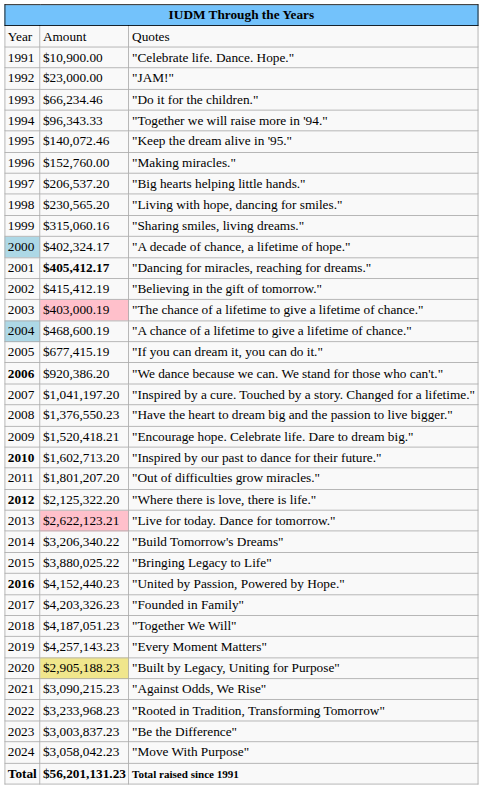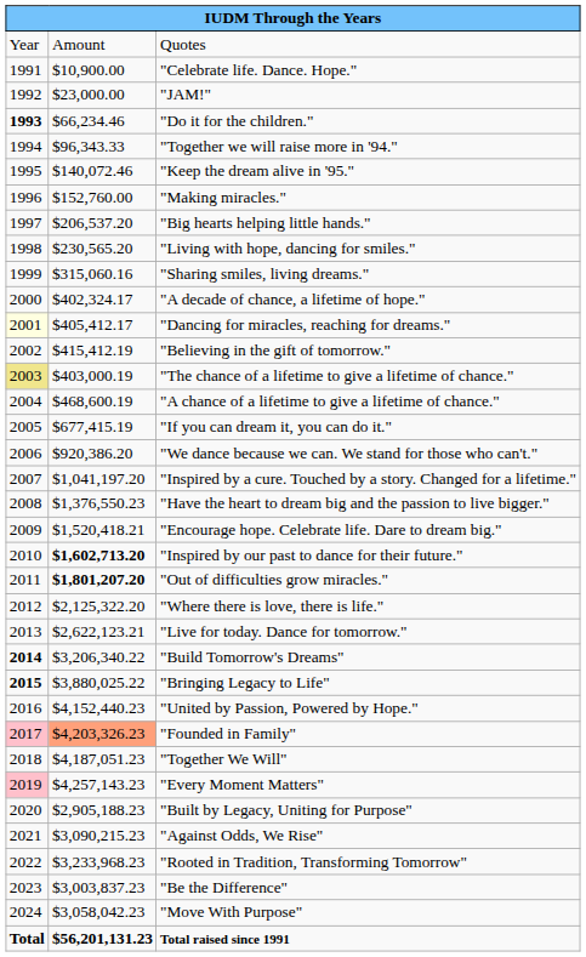 <table class="wikitable" style="clear: right; float: right; margin-left: 40px">
 <tr>
 <th style="background: #73C2FB; color: black; border: 1px solid black" colspan="3"><strong>IUDM Through the Years</strong></th>
 </tr>
 <tr>
 <td>Year</td>
 <td>Amount</td>
 <td>Quotes</td>
 </tr>
 <tr>
 <td>1991</td>
 <td>$10,900.00</td>
 <td>"Celebrate life. Dance. Hope."</td>
 </tr>
 <tr>
 <td>1992</td>
 <td>$23,000.00</td>
 <td>"JAM!"</td>
 </tr>
 <tr>
-<td>1993</td>
+<td><strong>1993</strong></td>
 <td>$66,234.46</td>
 <td>"Do it for the children."</td>
 </tr>
 <tr>
 <td>1994</td>
 <td>$96,343.33</td>
 <td>"Together we will raise more in '94."</td>
 </tr>
 <tr>
 <td>1995</td>
 <td>$140,072.46</td>
 <td>"Keep the dream alive in '95."</td>
 </tr>
 <tr>
 <td>1996</td>
 <td>$152,760.00</td>
 <td>"Making miracles."</td>
 </tr>
 <tr>
 <td>1997</td>
 <td>$206,537.20</td>
 <td>"Big hearts helping little hands."</td>
 </tr>
 <tr>
 <td>1998</td>
 <td>$230,565.20</td>
 <td>"Living with hope, dancing for smiles."</td>
 </tr>
 <tr>
 <td>1999</td>
 <td>$315,060.16</td>
 <td>"Sharing smiles, living dreams."</td>
 </tr>
 <tr>
-<td style="background: lightblue;">2000</td>
+<td>2000</td>
 <td>$402,324.17</td>
 <td>"A decade of chance, a lifetime of hope."</td>
 </tr>
 <tr>
-<td>2001</td>
-<td><strong>$405,412.17</strong></td>
+<td style="background: lightyellow;">2001</td>
+<td>$405,412.17</td>
 <td>"Dancing for miracles, reaching for dreams."</td>
 </tr>
 <tr>
 <td>2002</td>
 <td>$415,412.19</td>
 <td>"Believing in the gift of tomorrow."</td>
 </tr>
 <tr>
-<td>2003</td>
-<td style="background: pink;">$403,000.19</td>
+<td style="background: khaki;">2003</td>
+<td>$403,000.19</td>
 <td>"The chance of a lifetime to give a lifetime of chance."</td>
 </tr>
 <tr>
-<td style="background: lightblue;">2004</td>
+<td>2004</td>
 <td>$468,600.19</td>
 <td>"A chance of a lifetime to give a lifetime of chance."</td>
 </tr>
 <tr>
 <td>2005</td>
 <td>$677,415.19</td>
 <td>"If you can dream it, you can do it."</td>
 </tr>
 <tr>
-<td><strong>2006</strong></td>
+<td>2006</td>
 <td>$920,386.20</td>
 <td>"We dance because we can. We stand for those who can't."</td>
 </tr>
 <tr>
 <td>2007</td>
 <td>$1,041,197.20</td>
 <td>"Inspired by a cure. Touched by a story. Changed for a lifetime."</td>
 </tr>
 <tr>
 <td>2008</td>
 <td>$1,376,550.23</td>
 <td>"Have the heart to dream big and the passion to live bigger."</td>
 </tr>
 <tr>
 <td>2009</td>
 <td>$1,520,418.21</td>
 <td>"Encourage hope. Celebrate life. Dare to dream big."</td>
 </tr>
 <tr>
-<td><strong>2010</strong></td>
-<td>$1,602,713.20</td>
+<td>2010</td>
+<td><strong>$1,602,713.20</strong></td>
 <td>"Inspired by our past to dance for their future."</td>
 </tr>
 <tr>
 <td>2011</td>
-<td>$1,801,207.20</td>
+<td><strong>$1,801,207.20</strong></td>
 <td>"Out of difficulties grow miracles."</td>
 </tr>
 <tr>
-<td><strong>2012</strong></td>
+<td>2012</td>
 <td>$2,125,322.20</td>
 <td>"Where there is love, there is life."</td>
 </tr>
 <tr>
 <td>2013</td>
-<td style="background: pink;">$2,622,123.21</td>
+<td>$2,622,123.21</td>
 <td>"Live for today. Dance for tomorrow."</td>
 </tr>
 <tr>
-<td>2014</td>
+<td><strong>2014</strong></td>
 <td>$3,206,340.22</td>
 <td>"Build Tomorrow's Dreams"</td>
 </tr>
 <tr>
-<td>2015</td>
+<td><strong>2015</strong></td>
 <td>$3,880,025.22</td>
 <td>"Bringing Legacy to Life"</td>
 </tr>
 <tr>
-<td><strong>2016</strong></td>
+<td>2016</td>
 <td>$4,152,440.23</td>
 <td>"United by Passion, Powered by Hope."</td>
 </tr>
 <tr>
-<td>2017</td>
-<td>$4,203,326.23</td>
+<td style="background: pink;">2017</td>
+<td style="background: lightsalmon;">$4,203,326.23</td>
 <td>"Founded in Family"</td>
 </tr>
 <tr>
 <td>2018</td>
 <td>$4,187,051.23</td>
 <td>"Together We Will"</td>
 </tr>
 <tr>
-<td>2019</td>
+<td style="background: pink;">2019</td>
 <td>$4,257,143.23</td>
 <td>"Every Moment Matters"</td>
 </tr>
 <tr>
 <td>2020</td>
-<td style="background: khaki;">$2,905,188.23</td>
+<td>$2,905,188.23</td>
 <td>"Built by Legacy, Uniting for Purpose"</td>
 </tr>
 <tr>
 <td>2021</td>
 <td>$3,090,215.23</td>
 <td>"Against Odds, We Rise"</td>
 </tr>
 <tr>
 <td>2022</td>
 <td>$3,233,968.23</td>
 <td>"Rooted in Tradition, Transforming Tomorrow"</td>
 </tr>
 <tr>
 <td>2023</td>
 <td>$3,003,837.23</td>
 <td>"Be the Difference"</td>
 </tr>
 <tr>
 <td>2024</td>
 <td>$3,058,042.23</td>
 <td>"Move With Purpose"</td>
 </tr>
 <tr>
 <td><strong>Total</strong></td>
 <td><strong>$56,201,131.23</strong></td>
 <td><strong><small>Total raised since 1991</small></strong></td>
 </tr>
 </table>
